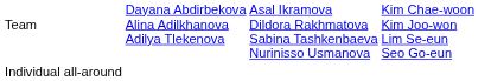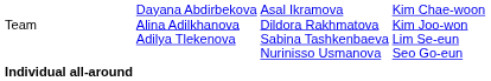 <table>
 <tr>
 <td>Team<br></td>
 <td valign=top><br><a href='#'>Dayana Abdirbekova</a><br><a href='#'>Alina Adilkhanova</a><br><a href='#'>Adilya Tlekenova</a></td>
 <td><br><a href='#'>Asal Ikramova</a><br><a href='#'>Dildora Rakhmatova</a><br><a href='#'>Sabina Tashkenbaeva</a><br><a href='#'>Nurinisso Usmanova</a></td>
 <td><br><a href='#'>Kim Chae-woon</a><br><a href='#'>Kim Joo-won</a><br><a href='#'>Lim Se-eun</a><br><a href='#'>Seo Go-eun</a></td>
 </tr>
 <tr>
-<td>Individual all-around<br></td>
+<td><strong>Individual all-around<br></strong></td>
 <td></td>
 <td></td>
 <td></td>
 </tr>
 </table>
